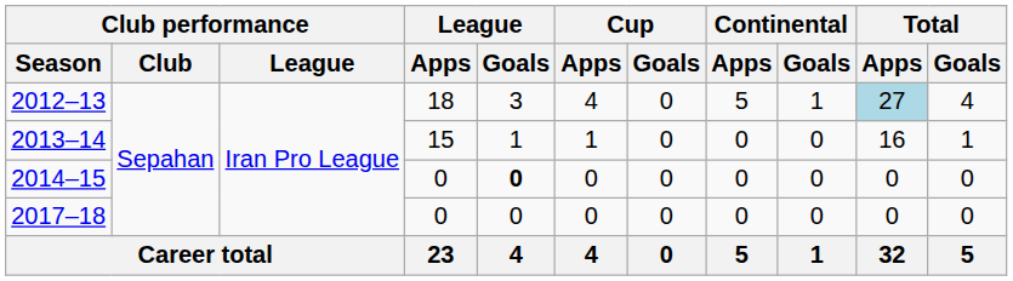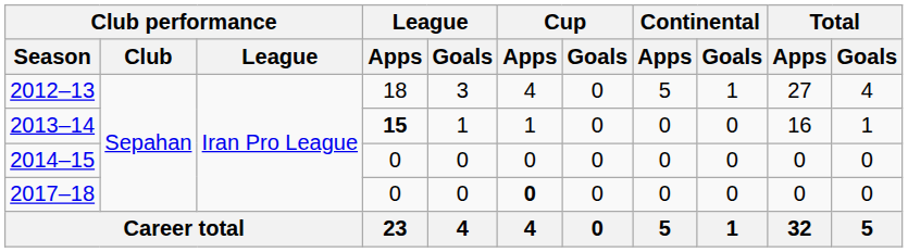 <table class="wikitable" style="text-align:center">
 <tr>
 <th colspan=3>Club performance</th>
 <th colspan=2>League</th>
 <th colspan=2>Cup</th>
 <th colspan=2>Continental</th>
 <th colspan=2>Total</th>
 </tr>
 <tr>
 <th>Season</th>
 <th>Club</th>
 <th>League</th>
 <th>Apps</th>
 <th>Goals</th>
 <th>Apps</th>
 <th>Goals</th>
 <th>Apps</th>
 <th>Goals</th>
 <th>Apps</th>
 <th>Goals</th>
 </tr>
 <tr>
 <td><a href='#'>2012–13</a></td>
 <td rowspan=4><a href='#'>Sepahan</a></td>
 <td rowspan=4><a href='#'>Iran Pro League</a></td>
 <td>18</td>
 <td>3</td>
 <td>4</td>
 <td>0</td>
 <td>5</td>
 <td>1</td>
-<td style="background: lightblue;">27</td>
+<td>27</td>
 <td>4</td>
 </tr>
 <tr>
 <td><a href='#'>2013–14</a></td>
-<td>15</td>
+<td><strong>15</strong></td>
 <td>1</td>
 <td>1</td>
 <td>0</td>
 <td>0</td>
 <td>0</td>
 <td>16</td>
 <td>1</td>
 </tr>
 <tr>
 <td><a href='#'>2014–15</a></td>
 <td>0</td>
-<td><strong>0</strong></td>
+<td>0</td>
 <td>0</td>
 <td>0</td>
 <td>0</td>
 <td>0</td>
 <td>0</td>
 <td>0</td>
 </tr>
 <tr>
 <td><a href='#'>2017–18</a></td>
 <td>0</td>
 <td>0</td>
-<td>0</td>
+<td><strong>0</strong></td>
 <td>0</td>
 <td>0</td>
 <td>0</td>
 <td>0</td>
 <td>0</td>
 </tr>
 <tr>
 <th colspan=3>Career total</th>
 <th>23</th>
 <th>4</th>
 <th>4</th>
 <th>0</th>
 <th>5</th>
 <th>1</th>
 <th>32</th>
 <th>5</th>
 </tr>
 </table>
